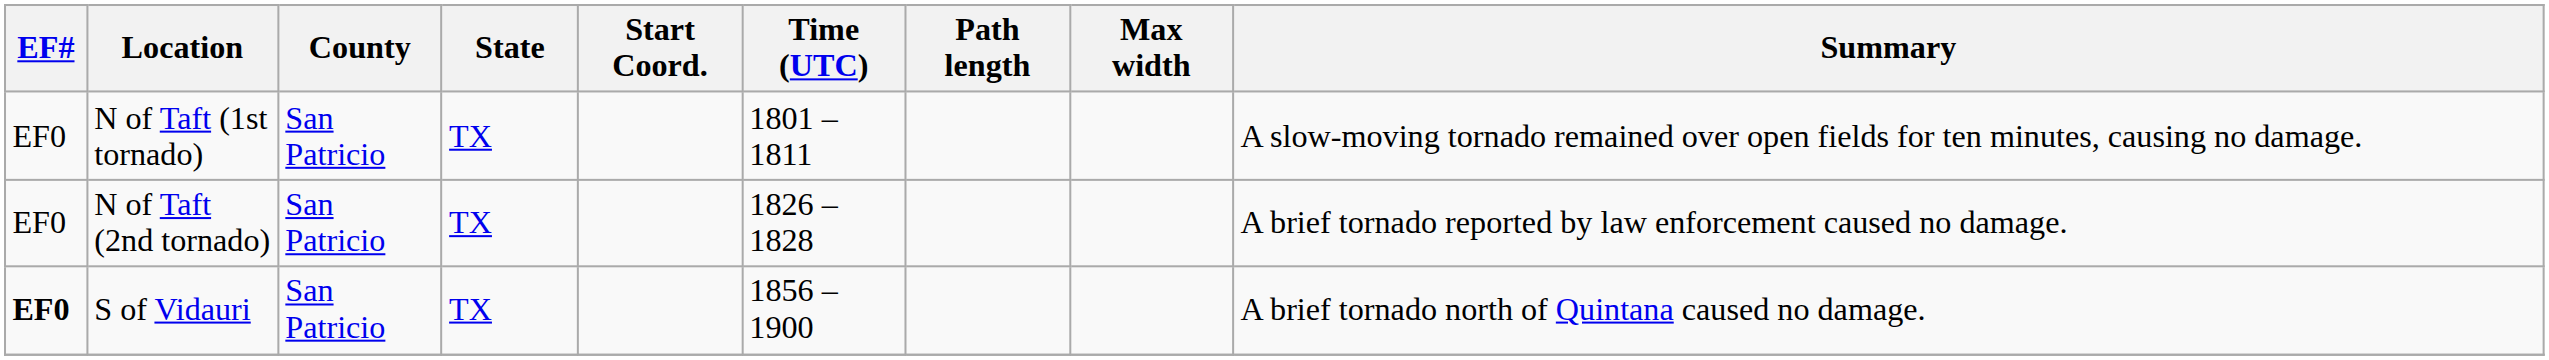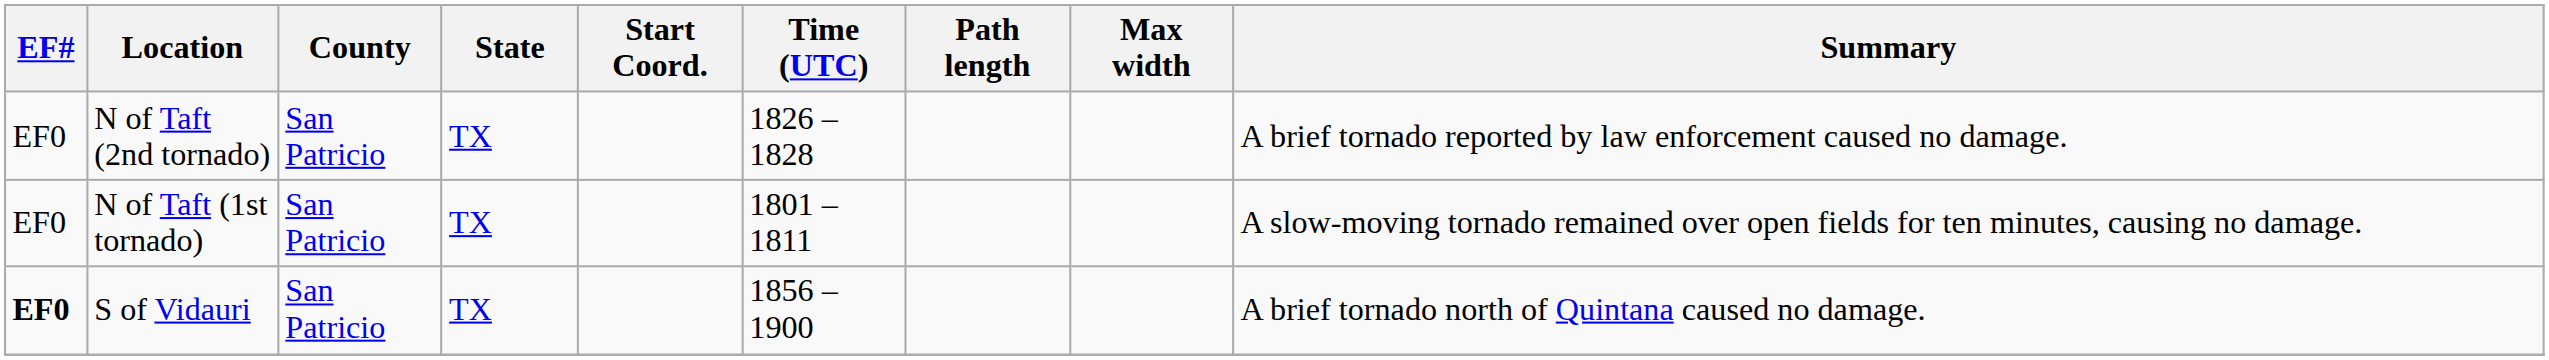 <table class="wikitable sortable" style="width:100%;">
 <tr>
 <th scope="col"  style="width:3%; text-align:center;"><a href='#'>EF#</a></th>
 <th scope="col"  style="width:7%; text-align:center;" class="unsortable">Location</th>
 <th scope="col"  style="width:6%; text-align:center;" class="unsortable">County</th>
 <th scope="col"  style="width:5%; text-align:center;">State</th>
 <th scope="col"  style="width:6%; text-align:center;">Start Coord.</th>
 <th scope="col"  style="width:6%; text-align:center;">Time (<a href='#'>UTC</a>)</th>
 <th scope="col"  style="width:6%; text-align:center;">Path length</th>
 <th scope="col"  style="width:6%; text-align:center;">Max width</th>
 <th scope="col" class="unsortable" style="width:48%; text-align:center;">Summary</th>
 </tr>
 <tr>
 <td>EF0</td>
+<td>N of <a href='#'>Taft</a> (2nd tornado)</td>
+<td><a href='#'>San Patricio</a></td>
+<td><a href='#'>TX</a></td>
+<td></td>
+<td>1826 – 1828</td>
+<td></td>
+<td></td>
+<td>A brief tornado reported by law enforcement caused no damage.</td>
+</tr>
+<tr>
+<td>EF0</td>
 <td>N of <a href='#'>Taft</a> (1st tornado)</td>
 <td><a href='#'>San Patricio</a></td>
 <td><a href='#'>TX</a></td>
 <td></td>
 <td>1801 – 1811</td>
 <td></td>
 <td></td>
 <td>A slow-moving tornado remained over open fields for ten minutes, causing no damage.</td>
-</tr>
-<tr>
-<td>EF0</td>
-<td>N of <a href='#'>Taft</a> (2nd tornado)</td>
-<td><a href='#'>San Patricio</a></td>
-<td><a href='#'>TX</a></td>
-<td></td>
-<td>1826 – 1828</td>
-<td></td>
-<td></td>
-<td>A brief tornado reported by law enforcement caused no damage.</td>
 </tr>
 <tr>
 <td><strong>EF0</strong></td>
 <td>S of <a href='#'>Vidauri</a></td>
 <td><a href='#'>San Patricio</a></td>
 <td><a href='#'>TX</a></td>
 <td></td>
 <td>1856 – 1900</td>
 <td></td>
 <td></td>
 <td>A brief tornado north of <a href='#'>Quintana</a> caused no damage.</td>
 </tr>
 <tr>
 </tr>
 </table>
